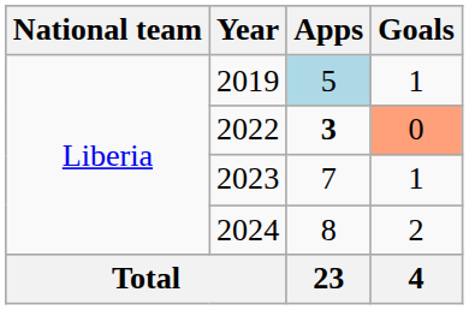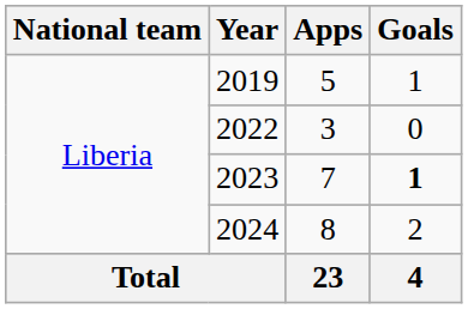 <table class="wikitable" style="text-align:center">
 <tr>
 <th>National team</th>
 <th>Year</th>
 <th>Apps</th>
 <th>Goals</th>
 </tr>
 <tr>
 <td rowspan="4"><a href='#'>Liberia</a></td>
 <td>2019</td>
-<td style="background: lightblue;">5</td>
+<td>5</td>
 <td>1</td>
 </tr>
 <tr>
 <td>2022</td>
-<td><strong>3</strong></td>
-<td style="background: lightsalmon;">0</td>
+<td>3</td>
+<td>0</td>
 </tr>
 <tr>
 <td>2023</td>
 <td>7</td>
-<td>1</td>
+<td><strong>1</strong></td>
 </tr>
 <tr>
 <td>2024</td>
 <td>8</td>
 <td>2</td>
 </tr>
 <tr>
 <th colspan="2">Total</th>
 <th>23</th>
 <th>4</th>
 </tr>
 </table>
